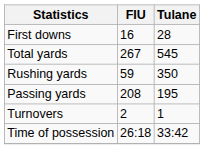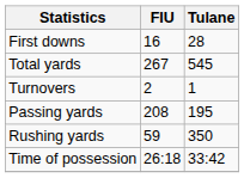 <table class="wikitable" style="float: left;">
 <tr>
 <th>Statistics</th>
 <th>FIU</th>
 <th>Tulane</th>
 </tr>
 <tr>
 <td>First downs</td>
 <td>16</td>
 <td>28</td>
 </tr>
 <tr>
 <td>Total yards</td>
 <td>267</td>
 <td>545</td>
 </tr>
 <tr>
-<td>Rushing yards</td>
-<td>59</td>
-<td>350</td>
+<td>Turnovers</td>
+<td>2</td>
+<td>1</td>
 </tr>
 <tr>
 <td>Passing yards</td>
 <td>208</td>
 <td>195</td>
 </tr>
 <tr>
-<td>Turnovers</td>
-<td>2</td>
-<td>1</td>
+<td>Rushing yards</td>
+<td>59</td>
+<td>350</td>
 </tr>
 <tr>
 <td>Time of possession</td>
 <td>26:18</td>
 <td>33:42</td>
 </tr>
 <tr>
 </tr>
 </table>
